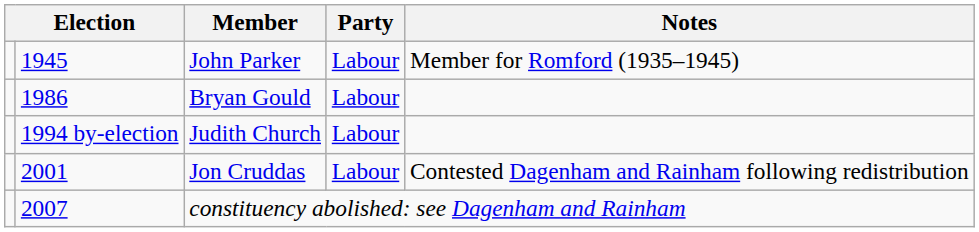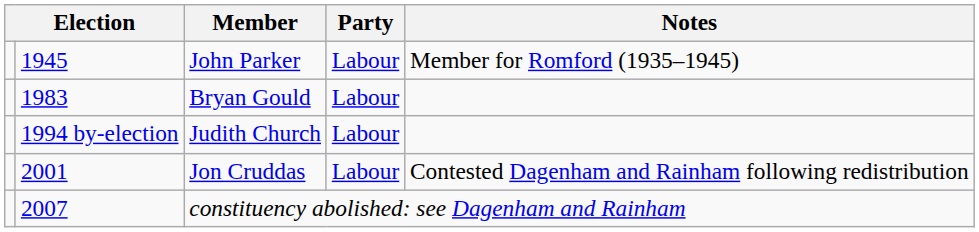 <table class="wikitable">
 <tr>
 <th colspan="2">Election</th>
 <th>Member </th>
 <th>Party</th>
 <th>Notes</th>
 </tr>
 <tr>
 <td style="color:inherit;background-color: "></td>
 <td><a href='#'>1945</a></td>
 <td><a href='#'>John Parker</a></td>
 <td><a href='#'>Labour</a></td>
 <td>Member for <a href='#'>Romford</a> (1935–1945)</td>
 </tr>
 <tr>
 <td style="color:inherit;background-color: "></td>
-<td><a href='#'>1986</a></td>
+<td><a href='#'>1983</a></td>
 <td><a href='#'>Bryan Gould</a></td>
 <td><a href='#'>Labour</a></td>
 <td></td>
 </tr>
 <tr>
 <td style="color:inherit;background-color: "></td>
 <td><a href='#'>1994 by-election</a></td>
 <td><a href='#'>Judith Church</a></td>
 <td><a href='#'>Labour</a></td>
 <td></td>
 </tr>
 <tr>
 <td style="color:inherit;background-color: "></td>
 <td><a href='#'>2001</a></td>
 <td><a href='#'>Jon Cruddas</a></td>
 <td><a href='#'>Labour</a></td>
 <td>Contested <a href='#'>Dagenham and Rainham</a> following redistribution</td>
 </tr>
 <tr>
 <td></td>
 <td><a href='#'>2007</a></td>
 <td colspan="3"><em>constituency abolished: see <a href='#'>Dagenham and Rainham</a></em></td>
 </tr>
 </table>
